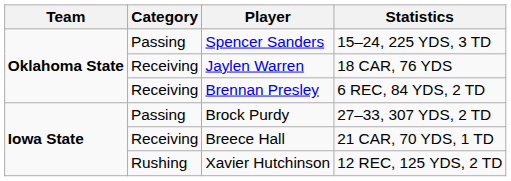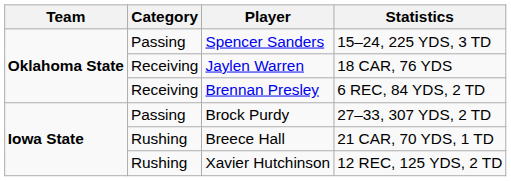 <table class="wikitable" style="float: right;">
 <tr>
 <th>Team</th>
 <th>Category</th>
 <th>Player</th>
 <th>Statistics</th>
 </tr>
 <tr>
 <td rowspan=3><strong>Oklahoma State</strong></td>
 <td>Passing</td>
 <td><a href='#'>Spencer Sanders</a></td>
 <td>15–24, 225 YDS, 3 TD</td>
 </tr>
 <tr>
 <td>Receiving</td>
 <td><a href='#'>Jaylen Warren</a></td>
 <td>18 CAR, 76 YDS</td>
 </tr>
 <tr>
 <td>Receiving</td>
 <td><a href='#'>Brennan Presley</a></td>
 <td>6 REC, 84 YDS, 2 TD</td>
 </tr>
 <tr>
 <td rowspan=3><strong>Iowa State</strong></td>
 <td>Passing</td>
 <td>Brock Purdy</td>
 <td>27–33, 307 YDS, 2 TD</td>
 </tr>
 <tr>
-<td>Receiving</td>
+<td>Rushing</td>
 <td>Breece Hall</td>
 <td>21 CAR, 70 YDS, 1 TD</td>
 </tr>
 <tr>
 <td>Rushing</td>
 <td>Xavier Hutchinson</td>
 <td>12 REC, 125 YDS, 2 TD</td>
 </tr>
 </table>
